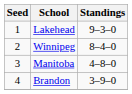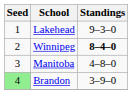 <table class="wikitable">
 <tr>
 <th>Seed</th>
 <th>School</th>
 <th>Standings</th>
 </tr>
 <tr>
 <td align=center>1</td>
 <td><a href='#'>Lakehead</a></td>
 <td align=center>9–3–0</td>
 </tr>
 <tr>
 <td align=center>2</td>
 <td><a href='#'>Winnipeg</a></td>
-<td align=center>8–4–0</td>
+<td align=center><strong>8–4–0</strong></td>
 </tr>
 <tr>
 <td align=center>3</td>
 <td><a href='#'>Manitoba</a></td>
 <td align=center>4–8–0</td>
 </tr>
 <tr>
-<td align=center>4</td>
+<td align=center style="background: lightgreen;">4</td>
 <td><a href='#'>Brandon</a></td>
 <td align=center>3–9–0</td>
 </tr>
 <tr>
 </tr>
 </table>
